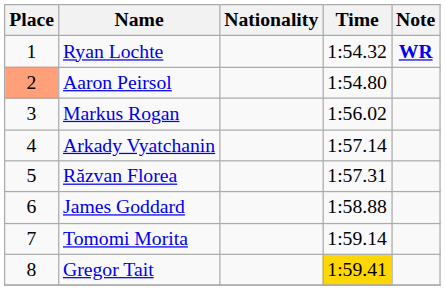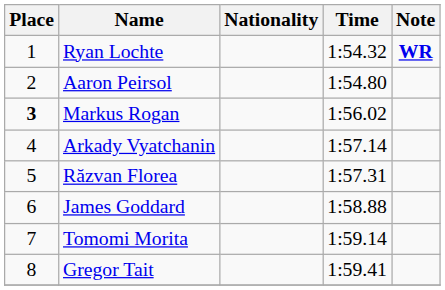 <table class="wikitable" style="text-align:center">
 <tr>
 <th>Place</th>
 <th>Name</th>
 <th>Nationality</th>
 <th>Time</th>
 <th>Note</th>
 </tr>
 <tr>
 <td>1</td>
 <td align=left><a href='#'>Ryan Lochte</a></td>
 <td align=left></td>
 <td>1:54.32</td>
 <td><strong><a href='#'>WR</a></strong></td>
 </tr>
 <tr>
-<td style="background: lightsalmon;">2</td>
+<td>2</td>
 <td align=left><a href='#'>Aaron Peirsol</a></td>
 <td align=left></td>
 <td>1:54.80</td>
 <td></td>
 </tr>
 <tr>
-<td>3</td>
+<td><strong>3</strong></td>
 <td align=left><a href='#'>Markus Rogan</a></td>
 <td align=left></td>
 <td>1:56.02</td>
 <td></td>
 </tr>
 <tr>
 <td>4</td>
 <td align=left><a href='#'>Arkady Vyatchanin</a></td>
 <td align=left></td>
 <td>1:57.14</td>
 <td></td>
 </tr>
 <tr>
 <td>5</td>
 <td align=left><a href='#'>Răzvan Florea</a></td>
 <td align=left></td>
 <td>1:57.31</td>
 <td></td>
 </tr>
 <tr>
 <td>6</td>
 <td align=left><a href='#'>James Goddard</a></td>
 <td align=left></td>
 <td>1:58.88</td>
 <td></td>
 </tr>
 <tr>
 <td>7</td>
 <td align=left><a href='#'>Tomomi Morita</a></td>
 <td align=left></td>
 <td>1:59.14</td>
 <td></td>
 </tr>
 <tr>
 <td>8</td>
 <td align=left><a href='#'>Gregor Tait</a></td>
 <td align=left></td>
-<td style="background: gold;">1:59.41</td>
+<td>1:59.41</td>
 <td></td>
 </tr>
 <tr>
 </tr>
 </table>
